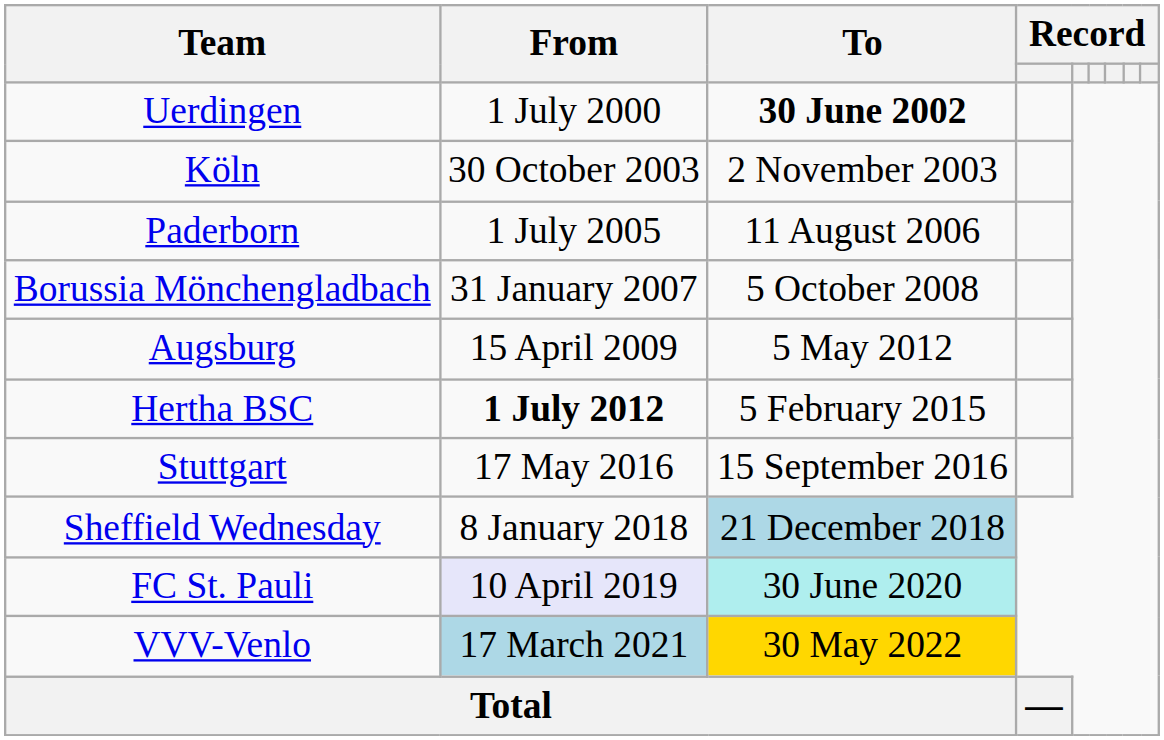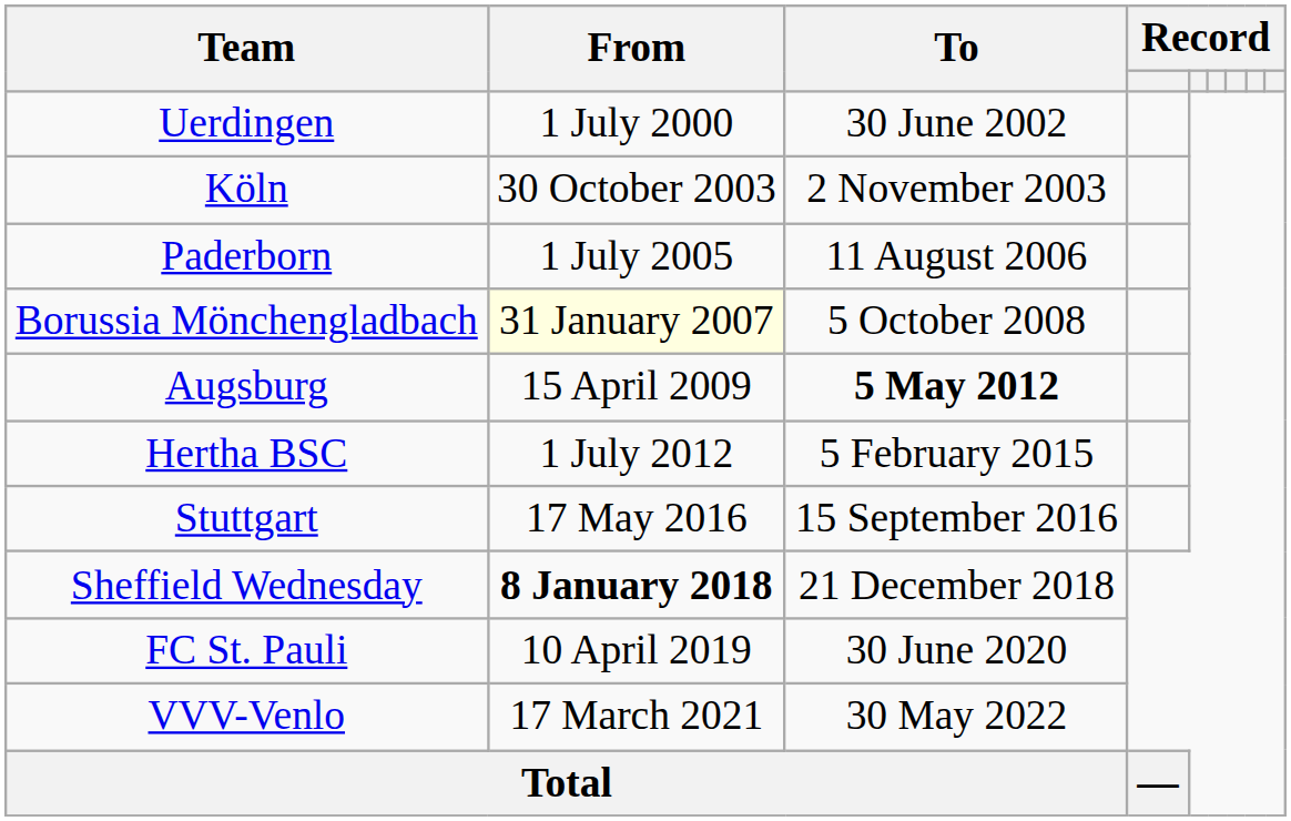 <table class="wikitable" style="text-align: center">
 <tr>
 <th rowspan="2">Team</th>
 <th rowspan="2">From</th>
 <th rowspan="2">To</th>
 <th colspan="6">Record</th>
 </tr>
 <tr>
 <th></th>
 <th></th>
 <th></th>
 <th></th>
 <th></th>
 <th></th>
 </tr>
 <tr>
 <td><a href='#'>Uerdingen</a></td>
 <td>1 July 2000</td>
-<td><strong>30 June 2002<br></strong></td>
+<td>30 June 2002<br></td>
 <td align=left></td>
 </tr>
 <tr>
 <td><a href='#'>Köln</a></td>
 <td>30 October 2003</td>
 <td>2 November 2003<br></td>
 <td align=left></td>
 </tr>
 <tr>
 <td><a href='#'>Paderborn</a></td>
 <td>1 July 2005</td>
 <td>11 August 2006<br></td>
 <td align=left></td>
 </tr>
 <tr>
 <td><a href='#'>Borussia Mönchengladbach</a></td>
-<td>31 January 2007</td>
+<td style="background: lightyellow;">31 January 2007</td>
 <td>5 October 2008<br></td>
 <td align=left></td>
 </tr>
 <tr>
 <td><a href='#'>Augsburg</a></td>
 <td>15 April 2009</td>
-<td>5 May 2012<br></td>
+<td><strong>5 May 2012<br></strong></td>
 <td align=left></td>
 </tr>
 <tr>
 <td><a href='#'>Hertha BSC</a></td>
-<td><strong>1 July 2012</strong></td>
+<td>1 July 2012</td>
 <td>5 February 2015<br></td>
 <td align=left></td>
 </tr>
 <tr>
 <td><a href='#'>Stuttgart</a></td>
 <td>17 May 2016</td>
 <td>15 September 2016<br></td>
 <td align=left></td>
 </tr>
 <tr>
 <td><a href='#'>Sheffield Wednesday</a></td>
-<td>8 January 2018</td>
-<td style="background: lightblue;">21 December 2018<br></td>
+<td><strong>8 January 2018</strong></td>
+<td>21 December 2018<br></td>
 </tr>
 <tr>
 <td><a href='#'>FC St. Pauli</a></td>
-<td style="background: lavender;">10 April 2019</td>
-<td style="background: paleturquoise;">30 June 2020<br></td>
+<td>10 April 2019</td>
+<td>30 June 2020<br></td>
 </tr>
 <tr>
 <td><a href='#'>VVV-Venlo</a></td>
-<td style="background: lightblue;">17 March 2021</td>
-<td style="background: gold;">30 May 2022<br></td>
+<td>17 March 2021</td>
+<td>30 May 2022<br></td>
 </tr>
 <tr>
 <th colspan="3">Total<br></th>
 <th>—</th>
 </tr>
 </table>
